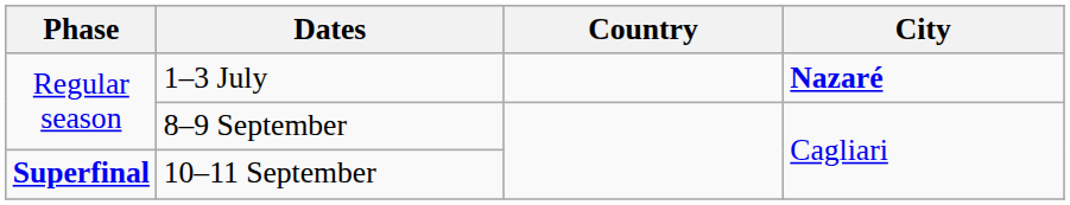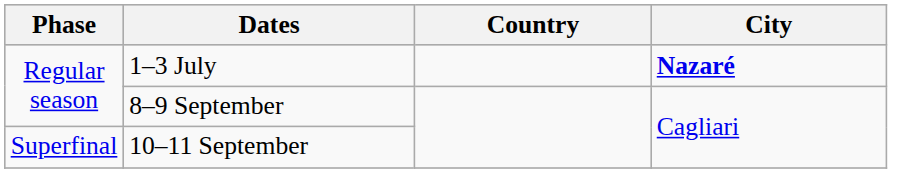 <table class="wikitable">
 <tr>
 <th>Phase</th>
 <th width="175">Dates</th>
 <th width="140">Country</th>
 <th width="140">City</th>
 </tr>
 <tr>
 <td rowspan="2" align="center"><a href='#'>Regular<br>season</a></td>
 <td>1–3 July</td>
 <td></td>
 <td><strong><a href='#'>Nazaré</a></strong></td>
 </tr>
 <tr>
 <td>8–9 September</td>
 <td rowspan="2"></td>
 <td rowspan="2"><a href='#'>Cagliari</a></td>
 </tr>
 <tr>
-<td align="center"><strong><a href='#'>Superfinal</a></strong></td>
+<td align="center"><a href='#'>Superfinal</a></td>
 <td>10–11 September</td>
 </tr>
 </table>
